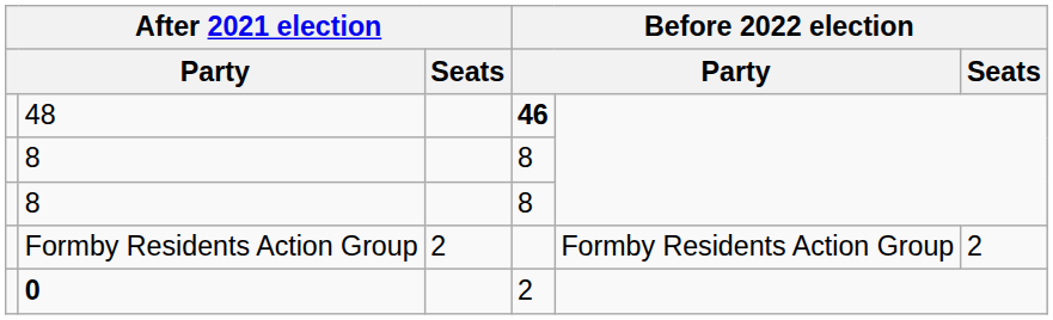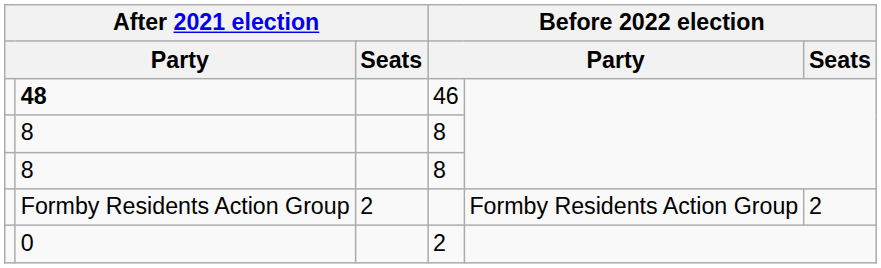 <table class="wikitable">
 <tr>
 <th colspan="3">After <a href='#'>2021 election</a></th>
 <th colspan="3">Before 2022 election</th>
 </tr>
 <tr>
 <th colspan="2">Party</th>
 <th>Seats</th>
 <th colspan="2">Party</th>
 <th>Seats</th>
 </tr>
 <tr>
 <td></td>
-<td>48</td>
+<td><strong>48</strong></td>
 <td></td>
-<td><strong>46</strong></td>
+<td>46</td>
 </tr>
 <tr>
 <td></td>
 <td>8</td>
 <td></td>
 <td>8</td>
 </tr>
 <tr>
 <td></td>
 <td>8</td>
 <td></td>
 <td>8</td>
 </tr>
 <tr>
 <td></td>
 <td>Formby Residents Action Group</td>
 <td>2</td>
 <td></td>
 <td>Formby Residents Action Group</td>
 <td>2</td>
 </tr>
 <tr>
 <td></td>
-<td><strong>0</strong></td>
+<td>0</td>
 <td></td>
 <td>2</td>
 </tr>
 </table>
